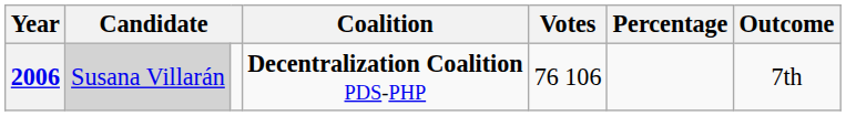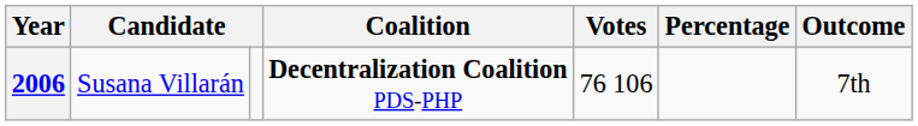 <table class="wikitable" style="text-align:center">
 <tr>
 <th>Year</th>
 <th colspan="2">Candidate</th>
 <th>Coalition</th>
 <th>Votes</th>
 <th>Percentage</th>
 <th>Outcome</th>
 </tr>
 <tr>
 <th><strong><a href='#'>2006</a></strong></th>
-<td style="background: lightgrey;"><a href='#'>Susana Villarán</a></td>
+<td><a href='#'>Susana Villarán</a></td>
 <td></td>
 <td><strong>Decentralization Coalition</strong><br><small><a href='#'>PDS</a>-<a href='#'>PHP</a></small></td>
 <td>76 106</td>
 <td></td>
 <td>7th</td>
 </tr>
 </table>
